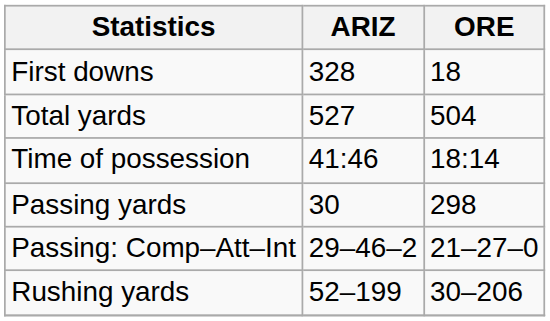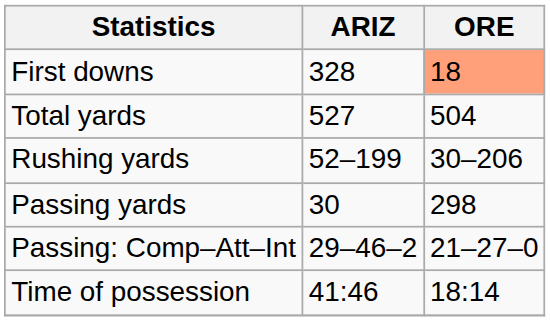 <table class="wikitable" style="float: left;">
 <tr>
 <th>Statistics</th>
 <th>ARIZ</th>
 <th>ORE</th>
 </tr>
 <tr>
 <td>First downs</td>
 <td>328</td>
-<td>18</td>
+<td style="background: lightsalmon;">18</td>
 </tr>
 <tr>
 <td>Total yards</td>
 <td>527</td>
 <td>504</td>
 </tr>
 <tr>
-<td>Time of possession</td>
-<td>41:46</td>
-<td>18:14</td>
+<td>Rushing yards</td>
+<td>52–199</td>
+<td>30–206</td>
 </tr>
 <tr>
 <td>Passing yards</td>
 <td>30</td>
 <td>298</td>
 </tr>
 <tr>
 <td>Passing: Comp–Att–Int</td>
 <td>29–46–2</td>
 <td>21–27–0</td>
 </tr>
 <tr>
-<td>Rushing yards</td>
-<td>52–199</td>
-<td>30–206</td>
+<td>Time of possession</td>
+<td>41:46</td>
+<td>18:14</td>
 </tr>
 <tr>
 </tr>
 </table>
